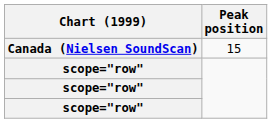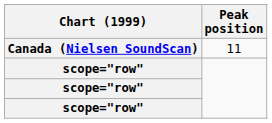 <table class="wikitable sortable plainrowheaders" style="text-align:center;">
 <tr>
 <th scope="col">Chart (1999)</th>
 <th scope="col">Peak<br>position</th>
 </tr>
 <tr>
 <th scope="row">Canada (<a href='#'>Nielsen SoundScan</a>)</th>
-<td>15</td>
+<td>11</td>
 </tr>
 <tr>
 <th>scope="row" </th>
 </tr>
 <tr>
 <th>scope="row" </th>
 </tr>
 <tr>
 <th>scope="row" </th>
 </tr>
 </table>
